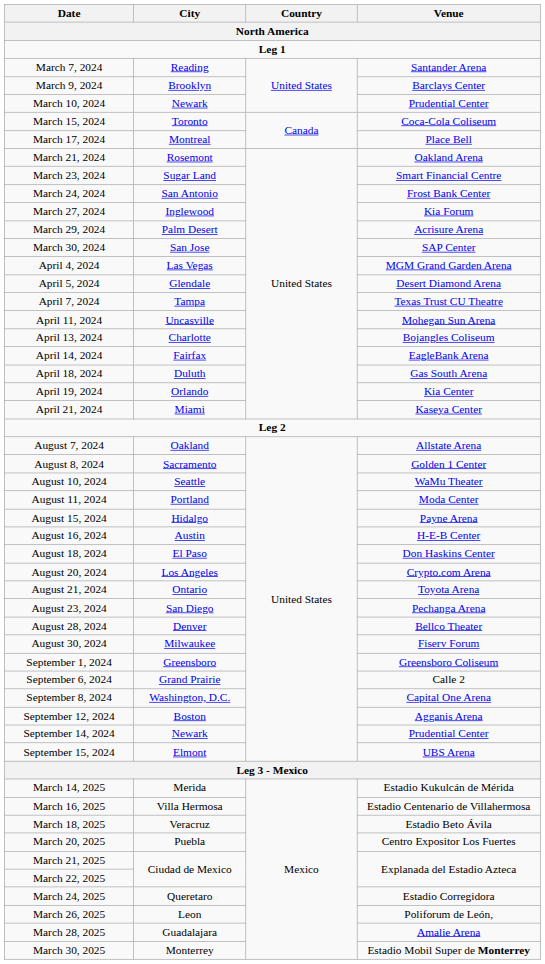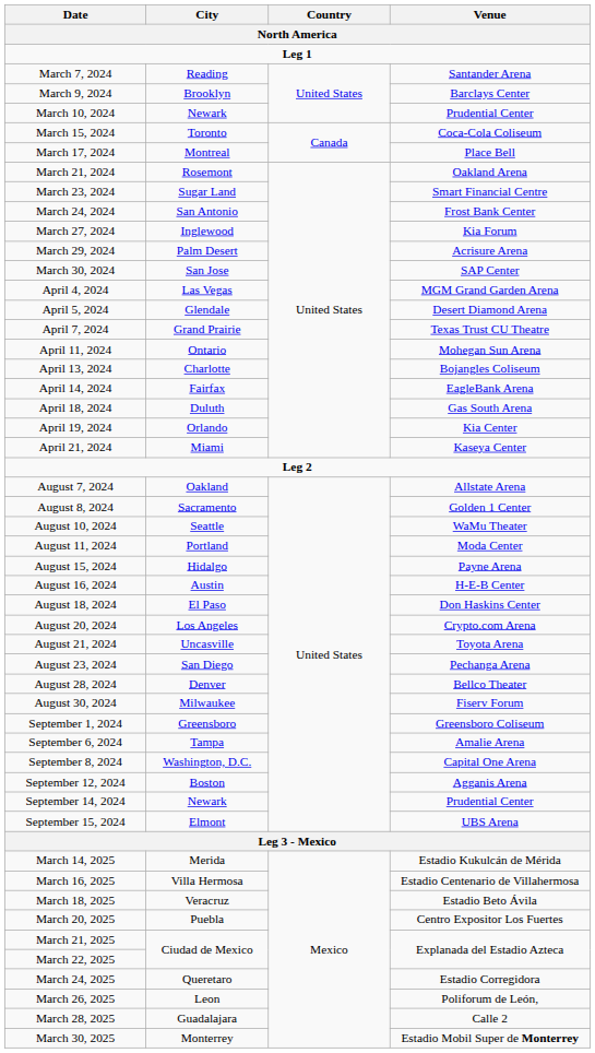 <table class="wikitable" style="text-align:center;">
 <tr>
 <th style="width:175px;">Date</th>
 <th style="width:150px;">City</th>
 <th style="width:150px;">Country</th>
 <th style="width:250px;">Venue</th>
 </tr>
 <tr>
 <th colspan="4">North America</th>
 </tr>
 <tr>
 <td colspan="4"><strong>Leg 1</strong></td>
 </tr>
 <tr>
 <td>March 7, 2024</td>
 <td><a href='#'>Reading</a></td>
 <td rowspan="3"><a href='#'>United States</a></td>
 <td><a href='#'>Santander Arena</a></td>
 </tr>
 <tr>
 <td>March 9, 2024</td>
 <td><a href='#'>Brooklyn</a></td>
 <td><a href='#'>Barclays Center</a></td>
 </tr>
 <tr>
 <td>March 10, 2024</td>
 <td><a href='#'>Newark</a></td>
 <td><a href='#'>Prudential Center</a></td>
 </tr>
 <tr>
 <td>March 15, 2024</td>
 <td><a href='#'>Toronto</a></td>
 <td rowspan="2"><a href='#'>Canada</a></td>
 <td><a href='#'>Coca-Cola Coliseum</a></td>
 </tr>
 <tr>
 <td>March 17, 2024</td>
 <td><a href='#'>Montreal</a></td>
 <td><a href='#'>Place Bell</a></td>
 </tr>
 <tr>
 <td>March 21, 2024</td>
 <td><a href='#'>Rosemont</a></td>
 <td rowspan="15">United States</td>
 <td><a href='#'>Oakland Arena</a></td>
 </tr>
 <tr>
 <td>March 23, 2024</td>
 <td><a href='#'>Sugar Land</a></td>
 <td><a href='#'>Smart Financial Centre</a></td>
 </tr>
 <tr>
 <td>March 24, 2024</td>
 <td><a href='#'>San Antonio</a></td>
 <td><a href='#'>Frost Bank Center</a></td>
 </tr>
 <tr>
 <td>March 27, 2024</td>
 <td><a href='#'>Inglewood</a></td>
 <td><a href='#'>Kia Forum</a></td>
 </tr>
 <tr>
 <td>March 29, 2024</td>
 <td><a href='#'>Palm Desert</a></td>
 <td><a href='#'>Acrisure Arena</a></td>
 </tr>
 <tr>
 <td>March 30, 2024</td>
 <td><a href='#'>San Jose</a></td>
 <td><a href='#'>SAP Center</a></td>
 </tr>
 <tr>
 <td>April 4, 2024</td>
 <td><a href='#'>Las Vegas</a></td>
 <td><a href='#'>MGM Grand Garden Arena</a></td>
 </tr>
 <tr>
 <td>April 5, 2024</td>
 <td><a href='#'>Glendale</a></td>
 <td><a href='#'>Desert Diamond Arena</a></td>
 </tr>
 <tr>
 <td>April 7, 2024</td>
-<td><a href='#'>Tampa</a></td>
+<td><a href='#'>Grand Prairie</a></td>
 <td><a href='#'>Texas Trust CU Theatre</a></td>
 </tr>
 <tr>
 <td>April 11, 2024</td>
-<td><a href='#'>Uncasville</a></td>
+<td><a href='#'>Ontario</a></td>
 <td><a href='#'>Mohegan Sun Arena</a></td>
 </tr>
 <tr>
 <td>April 13, 2024</td>
 <td><a href='#'>Charlotte</a></td>
 <td><a href='#'>Bojangles Coliseum</a></td>
 </tr>
 <tr>
 <td>April 14, 2024</td>
 <td><a href='#'>Fairfax</a></td>
 <td><a href='#'>EagleBank Arena</a></td>
 </tr>
 <tr>
 <td>April 18, 2024</td>
 <td><a href='#'>Duluth</a></td>
 <td><a href='#'>Gas South Arena</a></td>
 </tr>
 <tr>
 <td>April 19, 2024</td>
 <td><a href='#'>Orlando</a></td>
 <td><a href='#'>Kia Center</a></td>
 </tr>
 <tr>
 <td>April 21, 2024</td>
 <td><a href='#'>Miami</a></td>
 <td><a href='#'>Kaseya Center</a></td>
 </tr>
 <tr>
 <td colspan="4"><strong>Leg 2</strong></td>
 </tr>
 <tr>
 <td>August 7, 2024</td>
 <td><a href='#'>Oakland</a></td>
 <td rowspan="18">United States</td>
 <td><a href='#'>Allstate Arena</a></td>
 </tr>
 <tr>
 <td>August 8, 2024</td>
 <td><a href='#'>Sacramento</a></td>
 <td><a href='#'>Golden 1 Center</a></td>
 </tr>
 <tr>
 <td>August 10, 2024</td>
 <td><a href='#'>Seattle</a></td>
 <td><a href='#'>WaMu Theater</a></td>
 </tr>
 <tr>
 <td>August 11, 2024</td>
 <td><a href='#'>Portland</a></td>
 <td><a href='#'>Moda Center</a></td>
 </tr>
 <tr>
 <td>August 15, 2024</td>
 <td><a href='#'>Hidalgo</a></td>
 <td><a href='#'>Payne Arena</a></td>
 </tr>
 <tr>
 <td>August 16, 2024</td>
 <td><a href='#'>Austin</a></td>
 <td><a href='#'>H-E-B Center</a></td>
 </tr>
 <tr>
 <td>August 18, 2024</td>
 <td><a href='#'>El Paso</a></td>
 <td><a href='#'>Don Haskins Center</a></td>
 </tr>
 <tr>
 <td>August 20, 2024</td>
 <td><a href='#'>Los Angeles</a></td>
 <td><a href='#'>Crypto.com Arena</a></td>
 </tr>
 <tr>
 <td>August 21, 2024</td>
-<td><a href='#'>Ontario</a></td>
+<td><a href='#'>Uncasville</a></td>
 <td><a href='#'>Toyota Arena</a></td>
 </tr>
 <tr>
 <td>August 23, 2024</td>
 <td><a href='#'>San Diego</a></td>
 <td><a href='#'>Pechanga Arena</a></td>
 </tr>
 <tr>
 <td>August 28, 2024</td>
 <td><a href='#'>Denver</a></td>
 <td><a href='#'>Bellco Theater</a></td>
 </tr>
 <tr>
 <td>August 30, 2024</td>
 <td><a href='#'>Milwaukee</a></td>
 <td><a href='#'>Fiserv Forum</a></td>
 </tr>
 <tr>
 <td>September 1, 2024</td>
 <td><a href='#'>Greensboro</a></td>
 <td><a href='#'>Greensboro Coliseum</a></td>
 </tr>
 <tr>
 <td>September 6, 2024</td>
-<td><a href='#'>Grand Prairie</a></td>
-<td>Calle 2</td>
+<td><a href='#'>Tampa</a></td>
+<td><a href='#'>Amalie Arena</a></td>
 </tr>
 <tr>
 <td>September 8, 2024</td>
 <td><a href='#'>Washington, D.C.</a></td>
 <td><a href='#'>Capital One Arena</a></td>
 </tr>
 <tr>
 <td>September 12, 2024</td>
 <td><a href='#'>Boston</a></td>
 <td><a href='#'>Agganis Arena</a></td>
 </tr>
 <tr>
 <td>September 14, 2024</td>
 <td><a href='#'>Newark</a></td>
 <td><a href='#'>Prudential Center</a></td>
 </tr>
 <tr>
 <td>September 15, 2024</td>
 <td><a href='#'>Elmont</a></td>
 <td><a href='#'>UBS Arena</a></td>
 </tr>
 <tr>
 <th colspan="4">Leg 3 - Mexico</th>
 </tr>
 <tr>
 <td>March 14, 2025</td>
 <td>Merida</td>
 <td rowspan="10">Mexico</td>
 <td>Estadio Kukulcán de Mérida</td>
 </tr>
 <tr>
 <td>March 16, 2025</td>
 <td>Villa Hermosa</td>
 <td>Estadio Centenario de Villahermosa</td>
 </tr>
 <tr>
 <td>March 18, 2025</td>
 <td>Veracruz</td>
 <td>Estadio Beto Ávila</td>
 </tr>
 <tr>
 <td>March 20, 2025</td>
 <td>Puebla</td>
 <td>Centro Expositor Los Fuertes</td>
 </tr>
 <tr>
 <td>March 21, 2025</td>
 <td rowspan="2">Ciudad de Mexico</td>
 <td rowspan="2">Explanada del Estadio Azteca</td>
 </tr>
 <tr>
 <td>March 22, 2025</td>
 </tr>
 <tr>
 <td>March 24, 2025</td>
 <td>Queretaro</td>
 <td>Estadio Corregidora</td>
 </tr>
 <tr>
 <td>March 26, 2025</td>
 <td>Leon</td>
 <td>Poliforum de León,</td>
 </tr>
 <tr>
 <td>March 28, 2025</td>
 <td>Guadalajara</td>
-<td><a href='#'>Amalie Arena</a></td>
+<td>Calle 2</td>
 </tr>
 <tr>
 <td>March 30, 2025</td>
 <td>Monterrey</td>
 <td>Estadio Mobil Super de <strong>Monterrey</strong></td>
 </tr>
 </table>
